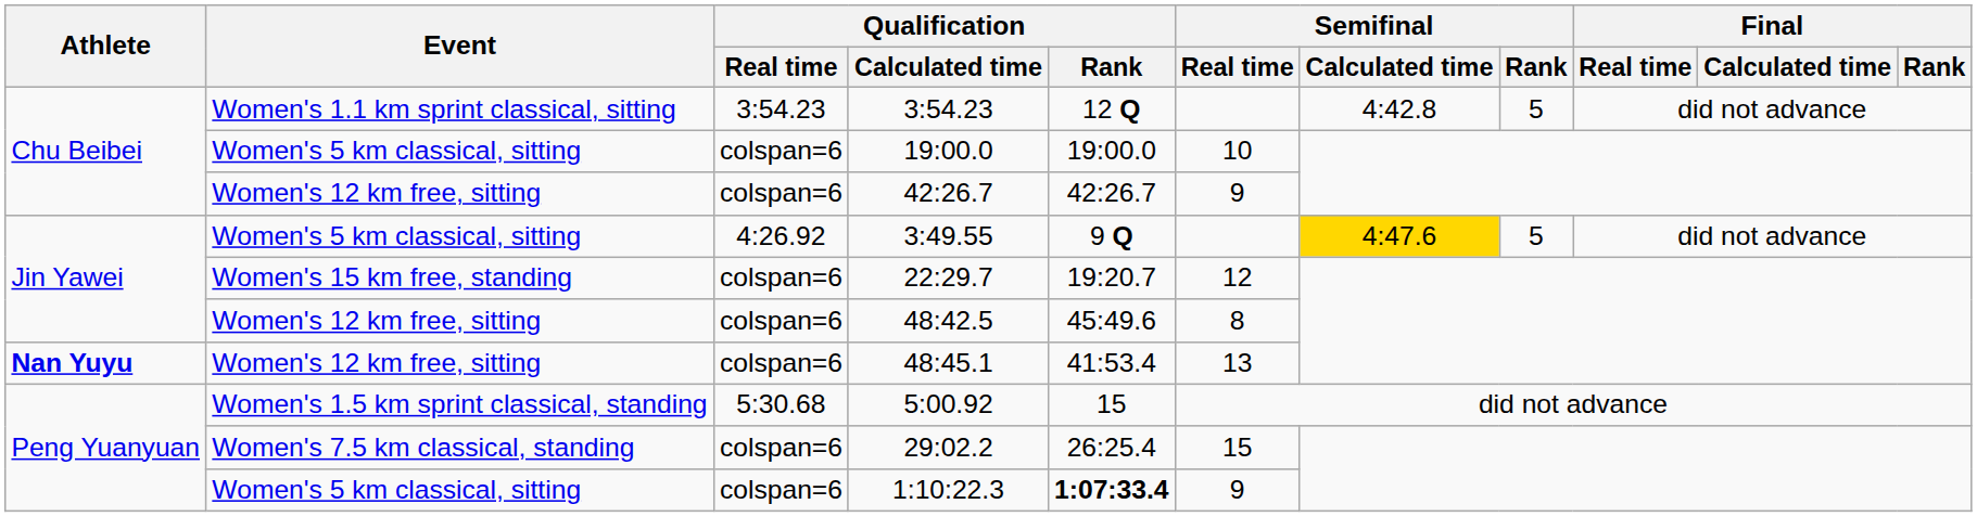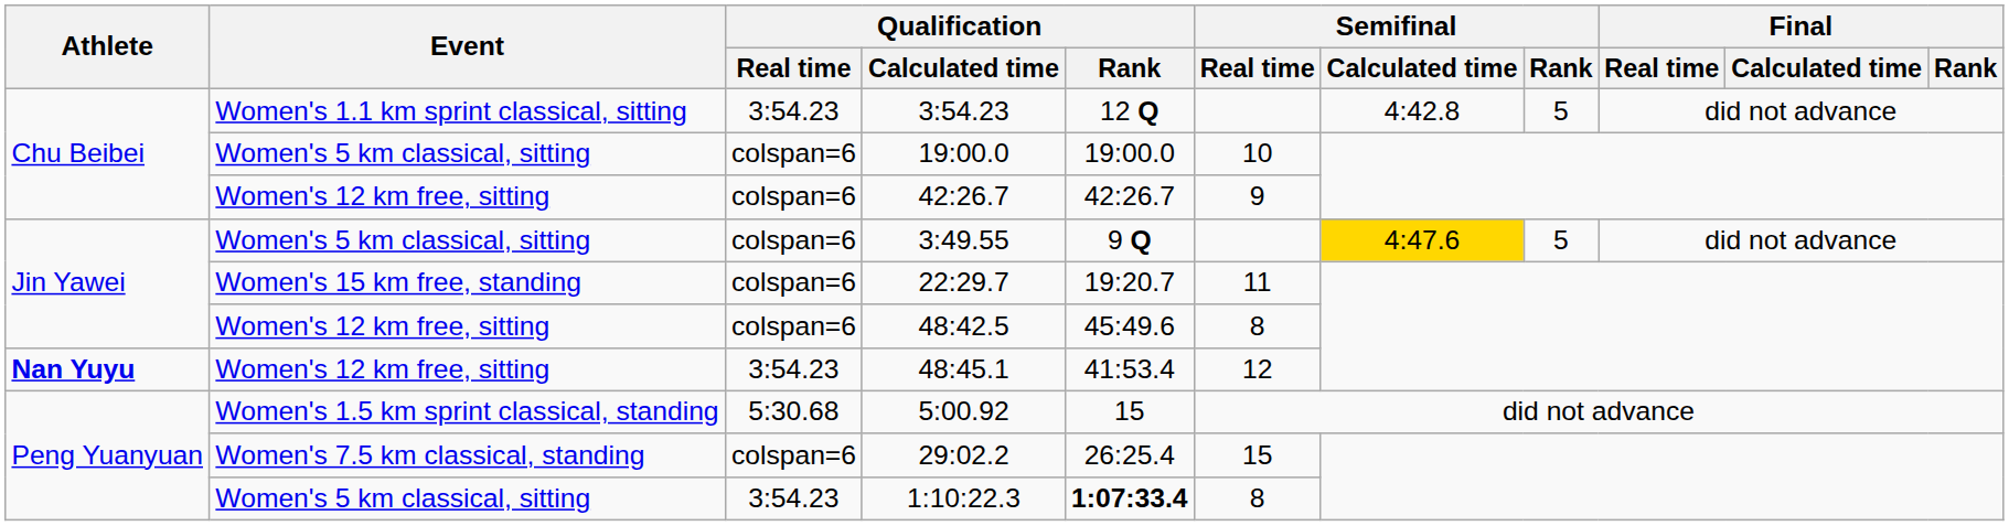 <table class="wikitable" style="font-size:100%">
 <tr>
 <th rowspan="2">Athlete</th>
 <th rowspan="2">Event</th>
 <th colspan=3>Qualification</th>
 <th colspan=3>Semifinal</th>
 <th colspan=3>Final</th>
 </tr>
 <tr style="font-size:95%">
 <th>Real time</th>
 <th>Calculated time</th>
 <th>Rank</th>
 <th>Real time</th>
 <th>Calculated time</th>
 <th>Rank</th>
 <th>Real time</th>
 <th>Calculated time</th>
 <th>Rank</th>
 </tr>
 <tr align=center>
 <td align=left rowspan=3><a href='#'>Chu Beibei</a></td>
 <td align=left><a href='#'>Women's 1.1 km sprint classical, sitting</a></td>
 <td>3:54.23</td>
 <td>3:54.23</td>
 <td>12 <strong>Q</strong></td>
 <td></td>
 <td>4:42.8</td>
 <td>5</td>
 <td colspan=3>did not advance</td>
 </tr>
 <tr align=center>
 <td align=left><a href='#'>Women's 5 km classical, sitting</a></td>
 <td>colspan=6 </td>
 <td>19:00.0</td>
 <td>19:00.0</td>
 <td>10</td>
 </tr>
 <tr align=center>
 <td align=left><a href='#'>Women's 12 km free, sitting</a></td>
 <td>colspan=6 </td>
 <td>42:26.7</td>
 <td>42:26.7</td>
 <td>9</td>
 </tr>
 <tr align=center>
 <td align=left rowspan=3><a href='#'>Jin Yawei</a></td>
 <td align=left><a href='#'>Women's 5 km classical, sitting</a></td>
-<td>4:26.92</td>
+<td>colspan=6 </td>
 <td>3:49.55</td>
 <td>9 <strong>Q</strong></td>
 <td></td>
 <td style="background: gold;">4:47.6</td>
 <td>5</td>
 <td colspan=3>did not advance</td>
 </tr>
 <tr align=center>
 <td align=left><a href='#'>Women's 15 km free, standing</a></td>
 <td>colspan=6 </td>
 <td>22:29.7</td>
 <td>19:20.7</td>
-<td>12</td>
+<td>11</td>
 </tr>
 <tr align=center>
 <td align=left><a href='#'>Women's 12 km free, sitting</a></td>
 <td>colspan=6 </td>
 <td>48:42.5</td>
 <td>45:49.6</td>
 <td>8</td>
 </tr>
 <tr align=center>
 <td align=left><strong><a href='#'>Nan Yuyu</a></strong></td>
 <td align=left><a href='#'>Women's 12 km free, sitting</a></td>
-<td>colspan=6 </td>
+<td>3:54.23</td>
 <td>48:45.1</td>
 <td>41:53.4</td>
-<td>13</td>
+<td>12</td>
 </tr>
 <tr align=center>
 <td align=left rowspan=3><a href='#'>Peng Yuanyuan</a></td>
 <td align=left><a href='#'>Women's 1.5 km sprint classical, standing</a></td>
 <td>5:30.68</td>
 <td>5:00.92</td>
 <td>15</td>
 <td colspan=6>did not advance</td>
 </tr>
 <tr align=center>
 <td align=left><a href='#'>Women's 7.5 km classical, standing</a></td>
 <td>colspan=6 </td>
 <td>29:02.2</td>
 <td>26:25.4</td>
 <td>15</td>
 </tr>
 <tr align=center>
 <td align=left><a href='#'>Women's 5 km classical, sitting</a></td>
-<td>colspan=6 </td>
+<td>3:54.23</td>
 <td>1:10:22.3</td>
 <td><strong>1:07:33.4</strong></td>
-<td>9</td>
+<td>8</td>
 </tr>
 </table>
